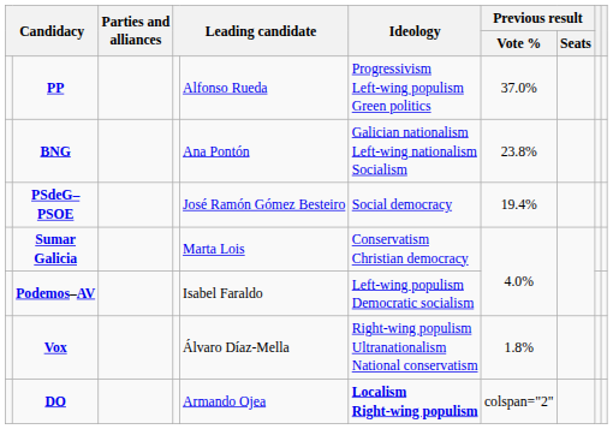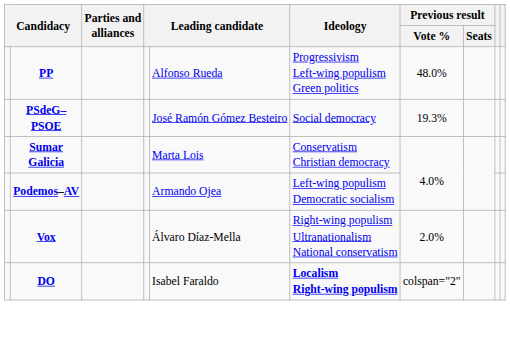 <table class="wikitable" style="line-height:1.35em; text-align:left;">
 <tr>
 <th colspan="2" rowspan="2">Candidacy</th>
 <th rowspan="2">Parties and<br>alliances</th>
 <th colspan="2" rowspan="2">Leading candidate</th>
 <th rowspan="2">Ideology</th>
 <th colspan="2">Previous result</th>
 <th rowspan="2"></th>
 <th rowspan="2"></th>
 </tr>
 <tr>
 <th>Vote %</th>
 <th>Seats</th>
 </tr>
 <tr>
 <td width="1" style="color:inherit;background:"></td>
 <td align="center"><strong><a href='#'>PP</a></strong></td>
 <td></td>
 <td></td>
 <td><a href='#'>Alfonso Rueda</a></td>
 <td><a href='#'>Progressivism</a><br><a href='#'>Left-wing populism</a><br><a href='#'>Green politics</a></td>
-<td align="center">37.0%</td>
+<td align="center">48.0%</td>
 <td></td>
 <td></td>
 <td></td>
-</tr>
-<tr>
-<td style="color:inherit;background:"></td>
-<td align="center"><strong><a href='#'>BNG</a></strong></td>
-<td></td>
-<td></td>
-<td><a href='#'>Ana Pontón</a></td>
-<td><a href='#'>Galician nationalism</a><br><a href='#'>Left-wing nationalism</a><br><a href='#'>Socialism</a></td>
-<td align="center">23.8%</td>
-<td></td>
-<td></td>
-<td><br></td>
 </tr>
 <tr>
 <td style="color:inherit;background:"></td>
 <td align="center"><strong><a href='#'>PSdeG–<br>PSOE</a></strong></td>
 <td></td>
 <td></td>
 <td><a href='#'>José Ramón Gómez Besteiro</a></td>
 <td><a href='#'>Social democracy</a></td>
-<td align="center">19.4%</td>
+<td align="center">19.3%</td>
 <td></td>
 <td></td>
 <td></td>
 </tr>
 <tr>
 <td style="color:inherit;background:"></td>
 <td align="center"><strong><a href='#'>Sumar<br>Galicia</a></strong></td>
 <td></td>
 <td></td>
 <td><a href='#'>Marta Lois</a></td>
 <td><a href='#'>Conservatism</a><br><a href='#'>Christian democracy</a></td>
 <td rowspan="2" align="center"><br>4.0%<br></td>
 <td rowspan="2"></td>
 <td></td>
 <td><br></td>
 </tr>
 <tr>
 <td style="color:inherit;background:"></td>
 <td align="center"><strong><a href='#'>Podemos</a>–<a href='#'>AV</a></strong></td>
 <td></td>
 <td></td>
-<td>Isabel Faraldo</td>
+<td><a href='#'>Armando Ojea</a></td>
 <td><a href='#'>Left-wing populism</a><br><a href='#'>Democratic socialism</a></td>
 <td></td>
 <td><br><br></td>
 </tr>
 <tr>
 <td style="color:inherit;background:"></td>
 <td align="center"><strong><a href='#'>Vox</a></strong></td>
 <td></td>
 <td></td>
 <td>Álvaro Díaz-Mella</td>
 <td><a href='#'>Right-wing populism</a><br><a href='#'>Ultranationalism</a><br><a href='#'>National conservatism</a></td>
-<td align="center">1.8%</td>
+<td align="center">2.0%</td>
 <td></td>
 <td></td>
 <td></td>
 </tr>
 <tr>
 <td style="color:inherit;background:"></td>
 <td align="center"><strong><a href='#'>DO</a></strong></td>
 <td></td>
 <td></td>
-<td><a href='#'>Armando Ojea</a></td>
+<td>Isabel Faraldo</td>
 <td><strong><a href='#'>Localism</a><br><a href='#'>Right-wing populism</a></strong></td>
 <td>colspan="2" </td>
 <td></td>
 <td></td>
 </tr>
 </table>
